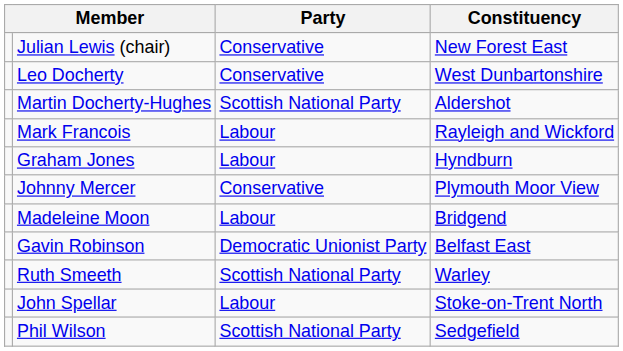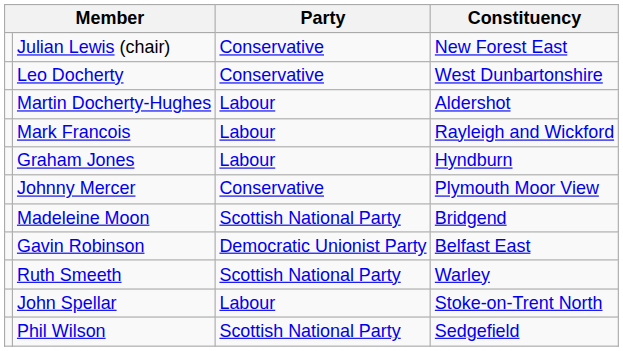 <table class="wikitable">
 <tr>
 <th colspan="2" valign="top">Member</th>
 <th valign="top">Party</th>
 <th valign="top">Constituency</th>
 </tr>
 <tr>
 <td style="color:inherit;background:"></td>
 <td><a href='#'>Julian Lewis</a> (chair)</td>
 <td><a href='#'>Conservative</a></td>
 <td><a href='#'>New Forest East</a></td>
 </tr>
 <tr>
 <td style="color:inherit;background:"></td>
 <td><a href='#'>Leo Docherty</a></td>
 <td><a href='#'>Conservative</a></td>
 <td><a href='#'>West Dunbartonshire</a></td>
 </tr>
 <tr>
 <td style="color:inherit;background:"></td>
 <td><a href='#'>Martin Docherty-Hughes</a></td>
-<td><a href='#'>Scottish National Party</a></td>
+<td><a href='#'>Labour</a></td>
 <td><a href='#'>Aldershot</a></td>
 </tr>
 <tr>
 <td style="color:inherit;background:"></td>
 <td><a href='#'>Mark Francois</a></td>
 <td><a href='#'>Labour</a></td>
 <td><a href='#'>Rayleigh and Wickford</a></td>
 </tr>
 <tr>
 <td style="color:inherit;background:"></td>
 <td><a href='#'>Graham Jones</a></td>
 <td><a href='#'>Labour</a></td>
 <td><a href='#'>Hyndburn</a></td>
 </tr>
 <tr>
 <td style="color:inherit;background:"></td>
 <td><a href='#'>Johnny Mercer</a></td>
 <td><a href='#'>Conservative</a></td>
 <td><a href='#'>Plymouth Moor View</a></td>
 </tr>
 <tr>
 <td style="color:inherit;background:"></td>
 <td><a href='#'>Madeleine Moon</a></td>
-<td><a href='#'>Labour</a></td>
+<td><a href='#'>Scottish National Party</a></td>
 <td><a href='#'>Bridgend</a></td>
 </tr>
 <tr>
 <td style="color:inherit;background:"></td>
 <td><a href='#'>Gavin Robinson</a></td>
 <td><a href='#'>Democratic Unionist Party</a></td>
 <td><a href='#'>Belfast East</a></td>
 </tr>
 <tr>
 <td style="color:inherit;background:"></td>
 <td><a href='#'>Ruth Smeeth</a></td>
 <td><a href='#'>Scottish National Party</a></td>
 <td><a href='#'>Warley</a></td>
 </tr>
 <tr>
 <td style="color:inherit;background:"></td>
 <td><a href='#'>John Spellar</a></td>
 <td><a href='#'>Labour</a></td>
 <td><a href='#'>Stoke-on-Trent North</a></td>
 </tr>
 <tr>
 <td style="color:inherit;background:"></td>
 <td><a href='#'>Phil Wilson</a></td>
 <td><a href='#'>Scottish National Party</a></td>
 <td><a href='#'>Sedgefield</a></td>
 </tr>
 </table>
